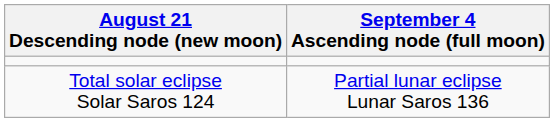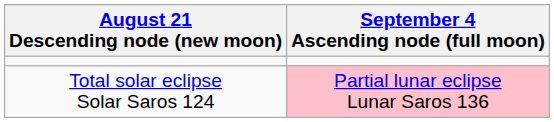 <table class="wikitable">
 <tr>
 <th><a href='#'>August 21</a><br>Descending node (new moon)</th>
 <th><a href='#'>September 4</a><br>Ascending node (full moon)</th>
 </tr>
 <tr>
 <td></td>
 <td></td>
 </tr>
 <tr align=center>
 <td><a href='#'>Total solar eclipse</a><br>Solar Saros 124</td>
-<td><a href='#'>Partial lunar eclipse</a><br>Lunar Saros 136</td>
+<td style="background: pink;"><a href='#'>Partial lunar eclipse</a><br>Lunar Saros 136</td>
 </tr>
 </table>
